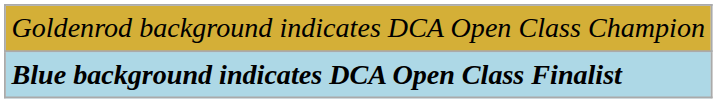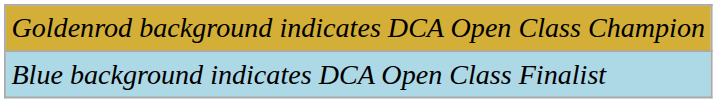 <table class="wikitable" style="font-size:95%;">
 <tr>
 <td style="background-color:#d4af37"><em>Goldenrod background indicates DCA Open Class Champion</em></td>
 </tr>
 <tr>
-<td style="background-color:#add8e6"><strong><em>Blue background indicates DCA Open Class Finalist</em></strong></td>
+<td style="background-color:#add8e6"><em>Blue background indicates DCA Open Class Finalist</em></td>
 </tr>
 </table>
